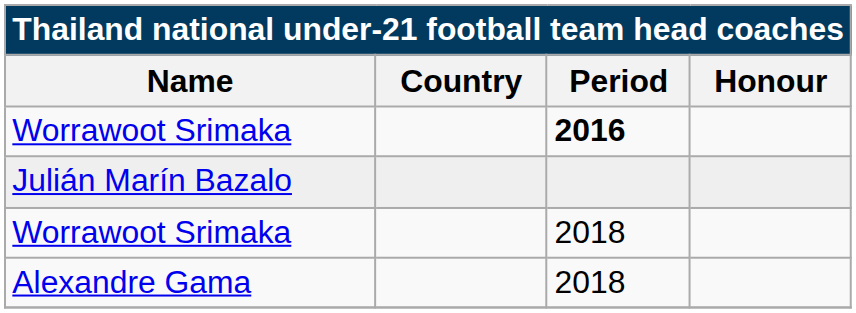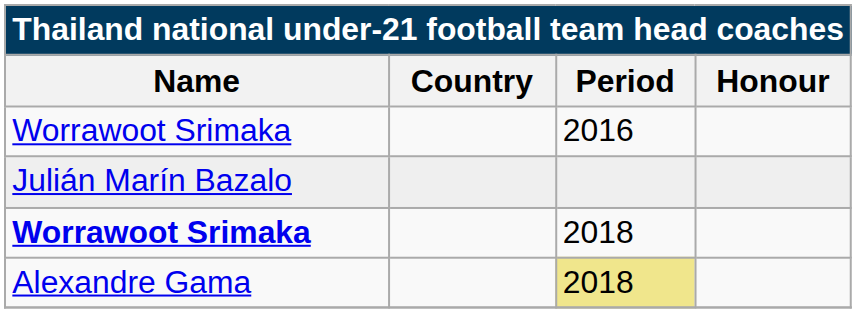 <table class="wikitable mw-collapsible ">
 <tr>
 <th colspan=5 style="background: #013A5E; color: #FFFFFF;">Thailand national under-21 football team head coaches</th>
 </tr>
 <tr>
 <th>Name</th>
 <th>Country</th>
 <th>Period</th>
 <th>Honour</th>
 </tr>
 <tr>
 <td><a href='#'>Worrawoot Srimaka</a></td>
 <td></td>
-<td><strong>2016</strong></td>
+<td>2016</td>
 <td></td>
 </tr>
 <tr bgcolor="#EFEFEF">
 <td><a href='#'>Julián Marín Bazalo</a></td>
 <td></td>
 <td></td>
 <td></td>
 </tr>
 <tr>
-<td><a href='#'>Worrawoot Srimaka</a></td>
+<td><strong><a href='#'>Worrawoot Srimaka</a></strong></td>
 <td></td>
 <td>2018</td>
 <td></td>
 </tr>
 <tr>
 <td><a href='#'>Alexandre Gama</a></td>
 <td></td>
-<td>2018</td>
+<td style="background: khaki;">2018</td>
 <td></td>
 </tr>
 <tr bgcolor="#EFEFEF">
 </tr>
 </table>
